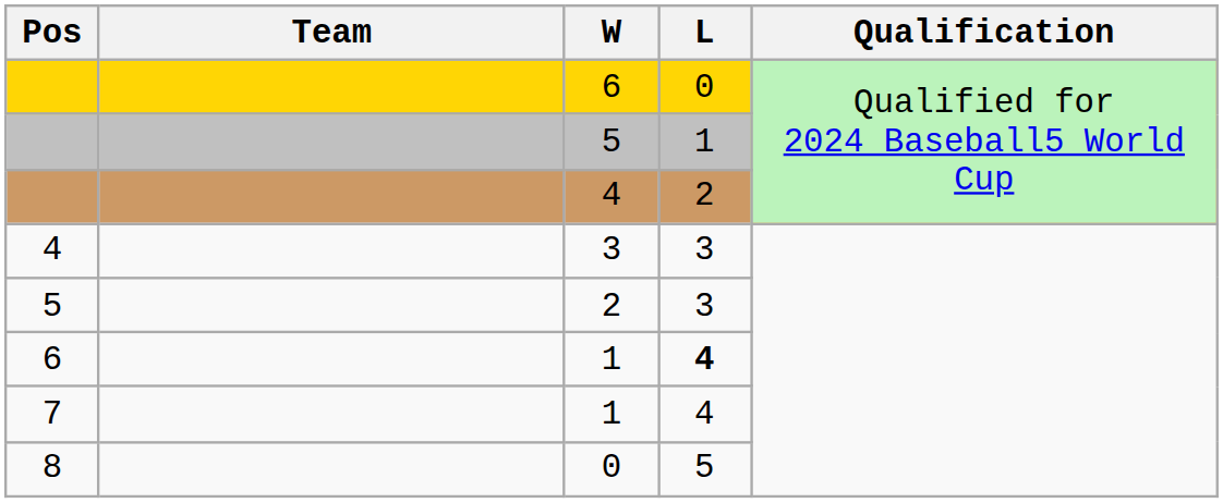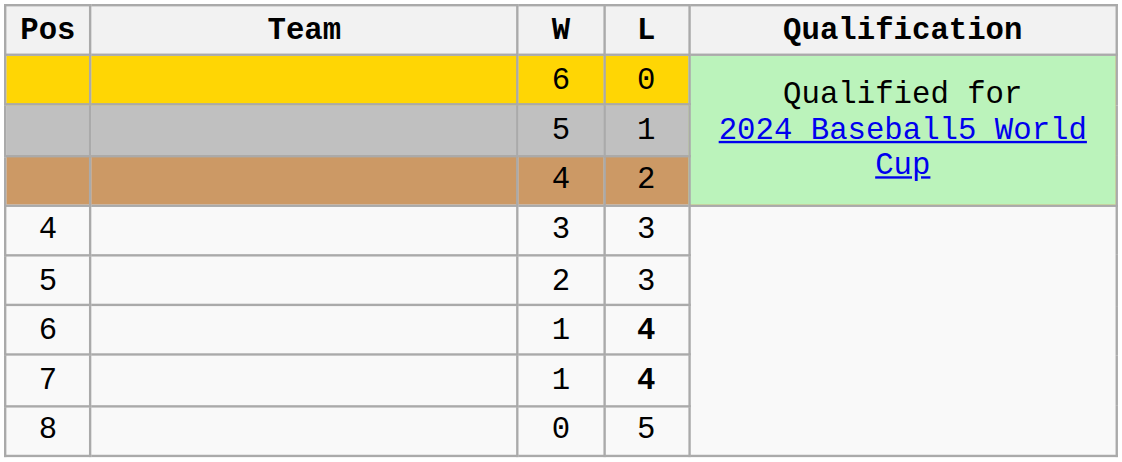 <table class="wikitable gauche" style="text-align:center">
 <tr bgcolor="e5e5e5">
 <th width="30">Pos</th>
 <th width="175">Team</th>
 <th width="30">W</th>
 <th width="30">L</th>
 <th width="175">Qualification</th>
 </tr>
 <tr bgcolor=#FFD604>
 <td></td>
 <td align=left></td>
 <td>6</td>
 <td>0</td>
 <td bgcolor=#BBF3BB rowspan=3>Qualified for <br><a href='#'>2024 Baseball5 World Cup</a></td>
 </tr>
 <tr bgcolor=#C0C0C0>
 <td></td>
 <td align=left></td>
 <td>5</td>
 <td>1</td>
 </tr>
 <tr bgcolor=#CC9965>
 <td></td>
 <td align=left></td>
 <td>4</td>
 <td>2</td>
 </tr>
 <tr>
 <td>4</td>
 <td align=left></td>
 <td>3</td>
 <td>3</td>
 </tr>
 <tr>
 <td>5</td>
 <td align=left></td>
 <td>2</td>
 <td>3</td>
 </tr>
 <tr>
 <td>6</td>
 <td align=left></td>
 <td>1</td>
 <td><strong>4</strong></td>
 </tr>
 <tr>
 <td>7</td>
 <td align=left></td>
 <td>1</td>
-<td>4</td>
+<td><strong>4</strong></td>
 </tr>
 <tr>
 <td>8</td>
 <td align=left></td>
 <td>0</td>
 <td>5</td>
 </tr>
 </table>
